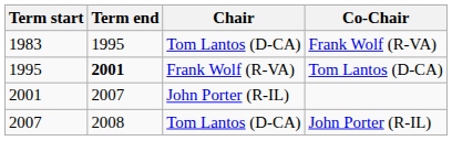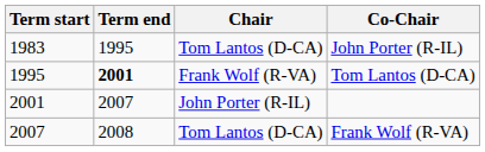 <table class="wikitable">
 <tr>
 <th>Term start</th>
 <th>Term end</th>
 <th>Chair</th>
 <th>Co-Chair</th>
 </tr>
 <tr>
 <td>1983</td>
 <td>1995</td>
 <td><a href='#'>Tom Lantos</a> (D-CA)</td>
-<td><a href='#'>Frank Wolf</a> (R-VA)</td>
+<td><a href='#'>John Porter</a> (R-IL)</td>
 </tr>
 <tr>
 <td>1995</td>
 <td><strong>2001</strong></td>
 <td><a href='#'>Frank Wolf</a> (R-VA)</td>
 <td><a href='#'>Tom Lantos</a> (D-CA)</td>
 </tr>
 <tr>
 <td>2001</td>
 <td>2007</td>
 <td><a href='#'>John Porter</a> (R-IL)</td>
 </tr>
 <tr>
 <td>2007</td>
 <td>2008</td>
 <td><a href='#'>Tom Lantos</a> (D-CA)</td>
-<td><a href='#'>John Porter</a> (R-IL)</td>
+<td><a href='#'>Frank Wolf</a> (R-VA)</td>
 </tr>
 </table>
